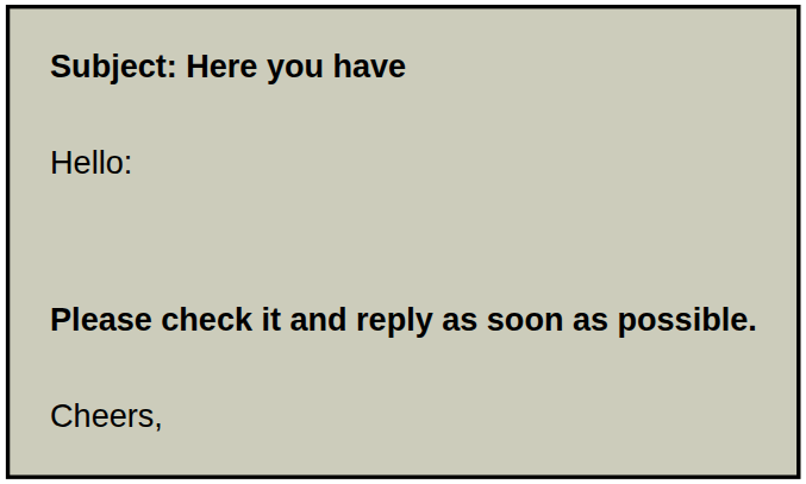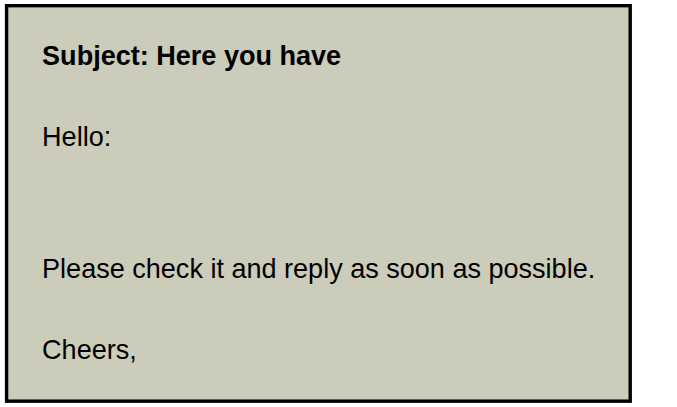 <table cellpadding="10" cellspacing="10" style="text-align:left; margin:10px; border:2px solid; background:#CCCCBB;">
 <tr>
 <th>Subject: Here you have</th>
 </tr>
 <tr>
 <td>Hello:</td>
 </tr>
 <tr>
 <td></td>
 </tr>
 <tr>
-<td><strong>Please check it and reply as soon as possible.</strong></td>
+<td>Please check it and reply as soon as possible.</td>
 </tr>
 <tr>
 <td>Cheers,</td>
 </tr>
 </table>
